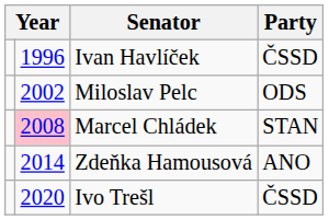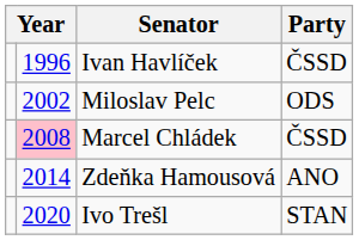 <table class="wikitable">
 <tr>
 <th colspan="2">Year</th>
 <th>Senator</th>
 <th>Party</th>
 </tr>
 <tr>
 <td style="background-color:"></td>
 <td><a href='#'>1996</a></td>
 <td>Ivan Havlíček</td>
 <td>ČSSD</td>
 </tr>
 <tr>
 <td style="background-color:"></td>
 <td><a href='#'>2002</a></td>
 <td>Miloslav Pelc</td>
 <td>ODS</td>
 </tr>
 <tr>
 <td style="background-color:"></td>
 <td style="background: pink;"><a href='#'>2008</a></td>
 <td>Marcel Chládek</td>
-<td>STAN</td>
+<td>ČSSD</td>
 </tr>
 <tr>
 <td style="background-color:"></td>
 <td><a href='#'>2014</a></td>
 <td>Zdeňka Hamousová</td>
 <td>ANO</td>
 </tr>
 <tr>
 <td style="background-color:"></td>
 <td><a href='#'>2020</a></td>
 <td>Ivo Trešl</td>
-<td>ČSSD</td>
+<td>STAN</td>
 </tr>
 </table>
